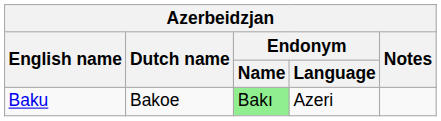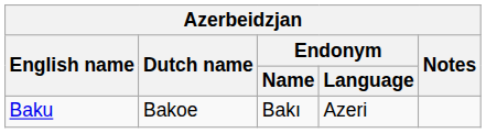 <table class="wikitable sortable">
 <tr>
 <th colspan="5"> Azerbeidzjan</th>
 </tr>
 <tr>
 <th rowspan="2">English name</th>
 <th rowspan="2">Dutch name</th>
 <th colspan="2">Endonym</th>
 <th rowspan="2">Notes</th>
 </tr>
 <tr>
 <th>Name</th>
 <th>Language</th>
 </tr>
 <tr>
 <td><a href='#'>Baku</a></td>
 <td>Bakoe</td>
-<td style="background: lightgreen;">Bakı</td>
+<td>Bakı</td>
 <td>Azeri</td>
 <td></td>
 </tr>
 </table>
